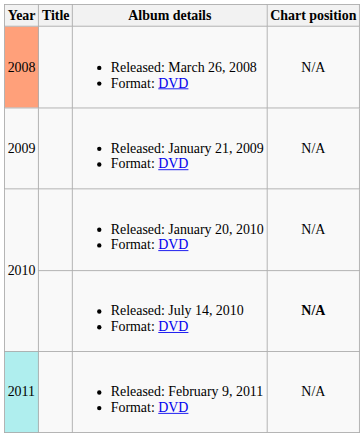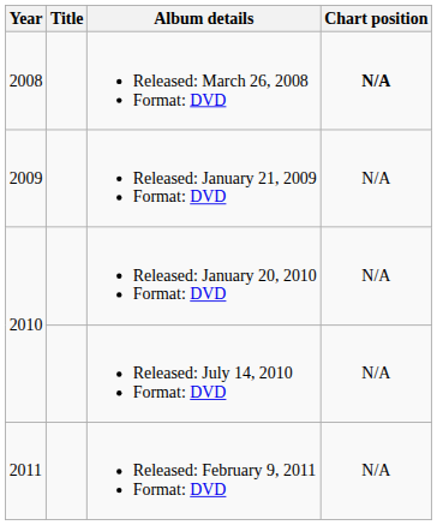 <table class="wikitable">
 <tr>
 <th>Year</th>
 <th>Title</th>
 <th>Album details</th>
 <th>Chart position</th>
 </tr>
 <tr>
-<td style="background: lightsalmon;">2008</td>
+<td>2008</td>
 <td align="left"></td>
 <td><br><ul><li>Released: March 26, 2008</li><li>Format: <a href='#'>DVD</a></li></ul></td>
-<td align="center">N/A</td>
+<td align="center"><strong>N/A</strong></td>
 </tr>
 <tr>
 <td>2009</td>
 <td align="left"></td>
 <td><br><ul><li>Released: January 21, 2009</li><li>Format: <a href='#'>DVD</a></li></ul></td>
 <td align="center">N/A</td>
 </tr>
 <tr>
 <td rowspan=2>2010</td>
 <td align="left"></td>
 <td><br><ul><li>Released: January 20, 2010</li><li>Format: <a href='#'>DVD</a></li></ul></td>
 <td align="center">N/A</td>
 </tr>
 <tr>
 <td align="left"></td>
 <td><br><ul><li>Released: July 14, 2010</li><li>Format: <a href='#'>DVD</a></li></ul></td>
-<td align="center"><strong>N/A</strong></td>
+<td align="center">N/A</td>
 </tr>
 <tr>
-<td style="background: paleturquoise;">2011</td>
+<td>2011</td>
 <td align="left"></td>
 <td><br><ul><li>Released: February 9, 2011</li><li>Format: <a href='#'>DVD</a></li></ul></td>
 <td align="center">N/A</td>
 </tr>
 </table>
